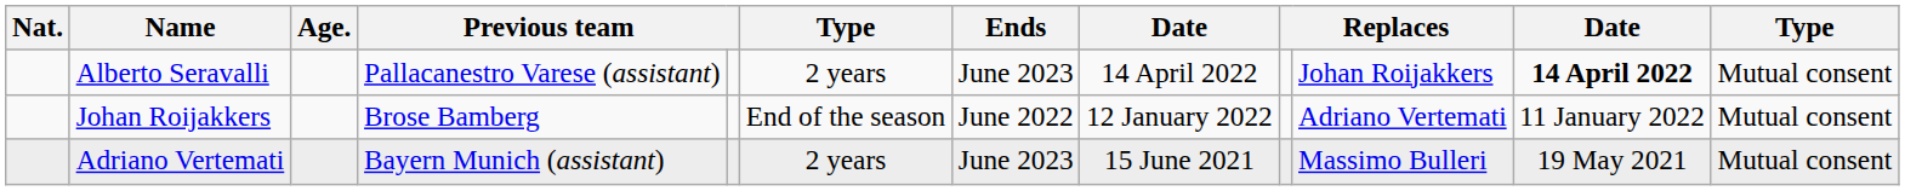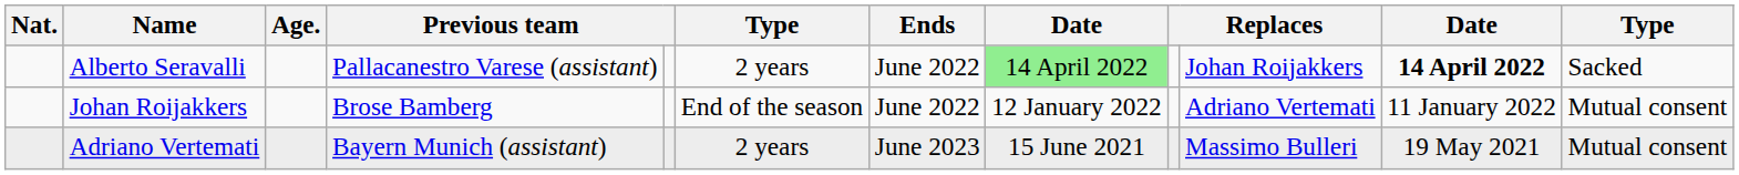 <table class="wikitable sortable">
 <tr>
 <th>Nat.</th>
 <th>Name</th>
 <th>Age.</th>
 <th colspan=2>Previous team</th>
 <th>Type</th>
 <th>Ends</th>
 <th>Date</th>
 <th colspan=2>Replaces</th>
 <th>Date</th>
 <th>Type</th>
 </tr>
 <tr>
 <td style="text-align:center"></td>
 <td><a href='#'>Alberto Seravalli</a></td>
 <td style="text-align:center"></td>
 <td><a href='#'>Pallacanestro Varese</a> (<em>assistant</em>)</td>
 <td style="text-align:center"></td>
 <td style="text-align:center">2 years</td>
-<td>June 2023</td>
-<td style="text-align:center">14 April 2022</td>
+<td>June 2022</td>
+<td style="background: lightgreen; text-align:center">14 April 2022</td>
 <td style="text-align:center"></td>
 <td><a href='#'>Johan Roijakkers</a></td>
 <td style="text-align:center"><strong>14 April 2022</strong></td>
-<td>Mutual consent</td>
+<td>Sacked</td>
 </tr>
 <tr>
 <td style="text-align:center"></td>
 <td><a href='#'>Johan Roijakkers</a></td>
 <td style="text-align:center"></td>
 <td><a href='#'>Brose Bamberg</a></td>
 <td style="text-align:center"></td>
 <td style="text-align:center">End of the season</td>
 <td>June 2022</td>
 <td style="text-align:center">12 January 2022</td>
 <td style="text-align:center"></td>
 <td><a href='#'>Adriano Vertemati</a></td>
 <td style="text-align:center">11 January 2022</td>
 <td>Mutual consent</td>
 </tr>
 <tr style="background-color: #ededed;">
 <td style="text-align:center"></td>
 <td><a href='#'>Adriano Vertemati</a></td>
 <td style="text-align:center"></td>
 <td><a href='#'>Bayern Munich</a> (<em>assistant</em>)</td>
 <td style="text-align:center"></td>
 <td style="text-align:center">2 years</td>
 <td>June 2023</td>
 <td style="text-align:center">15 June 2021</td>
 <td style="text-align:center"></td>
 <td><a href='#'>Massimo Bulleri</a></td>
 <td style="text-align:center">19 May 2021</td>
 <td>Mutual consent</td>
 </tr>
 </table>
